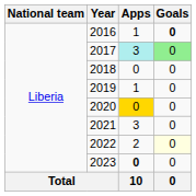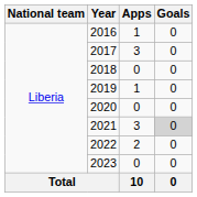 <table class="wikitable" style="text-align:center">
 <tr>
 <th>National team</th>
 <th>Year</th>
 <th>Apps</th>
 <th>Goals</th>
 </tr>
 <tr>
 <td rowspan="8"><a href='#'>Liberia</a></td>
 <td>2016</td>
 <td>1</td>
-<td><strong>0</strong></td>
+<td>0</td>
 </tr>
 <tr>
 <td>2017</td>
-<td style="background: paleturquoise;">3</td>
-<td style="background: lightgreen;">0</td>
+<td>3</td>
+<td>0</td>
 </tr>
 <tr>
 <td>2018</td>
 <td>0</td>
 <td>0</td>
 </tr>
 <tr>
 <td>2019</td>
 <td>1</td>
 <td>0</td>
 </tr>
 <tr>
 <td>2020</td>
-<td style="background: gold;">0</td>
+<td>0</td>
 <td>0</td>
 </tr>
 <tr>
 <td>2021</td>
 <td>3</td>
-<td>0</td>
+<td style="background: lightgrey;">0</td>
 </tr>
 <tr>
 <td>2022</td>
 <td>2</td>
-<td style="background: lightyellow;">0</td>
+<td>0</td>
 </tr>
 <tr>
 <td>2023</td>
-<td><strong>0</strong></td>
+<td>0</td>
 <td>0</td>
 </tr>
 <tr>
 <th colspan="2">Total</th>
 <th>10</th>
 <th>0</th>
 </tr>
 </table>
